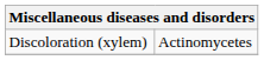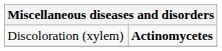 <table class="wikitable" style="clear">
 <tr>
 <th colspan=2><strong>Miscellaneous diseases and disorders</strong><br></th>
 </tr>
 <tr>
 <td>Discoloration (xylem)</td>
-<td>Actinomycetes</td>
+<td><strong>Actinomycetes</strong></td>
 </tr>
 <tr>
 </tr>
 </table>
